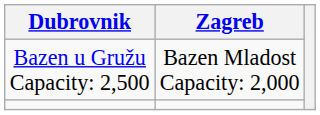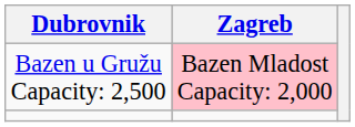 <table class="wikitable" style="text-align:center;">
 <tr>
 <th><a href='#'>Dubrovnik</a></th>
 <th><a href='#'>Zagreb</a></th>
 <th rowspan=3></th>
 </tr>
 <tr>
 <td><a href='#'>Bazen u Gružu</a><br>Capacity: 2,500</td>
-<td>Bazen Mladost<br>Capacity: 2,000</td>
+<td style="background: pink;">Bazen Mladost<br>Capacity: 2,000</td>
 </tr>
 <tr>
 <td></td>
 <td></td>
 </tr>
 </table>
